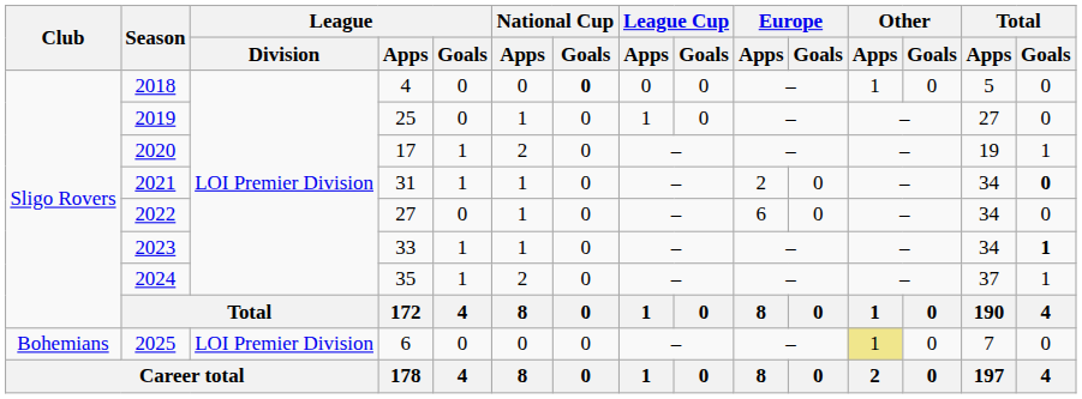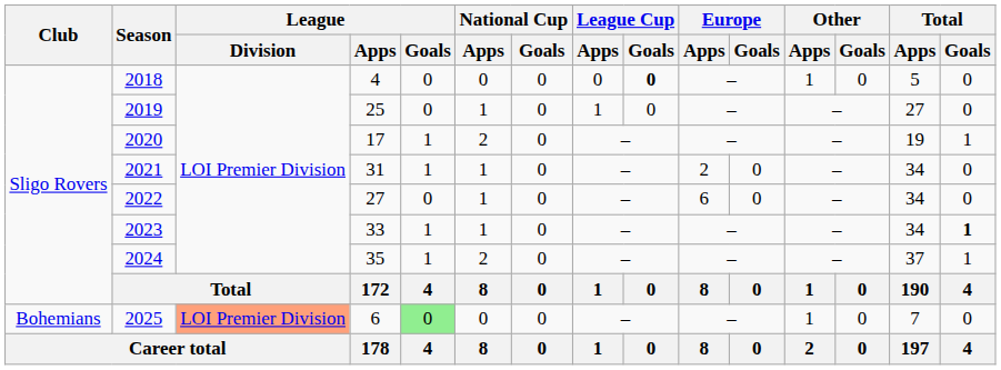 <table class=wikitable style="text-align: center">
 <tr>
 <th rowspan=2>Club</th>
 <th rowspan=2>Season</th>
 <th colspan=3>League</th>
 <th colspan=2>National Cup</th>
 <th colspan=2><a href='#'>League Cup</a></th>
 <th colspan=2><a href='#'>Europe</a></th>
 <th colspan=2>Other</th>
 <th colspan=2>Total</th>
 </tr>
 <tr>
 <th>Division</th>
 <th>Apps</th>
 <th>Goals</th>
 <th>Apps</th>
 <th>Goals</th>
 <th>Apps</th>
 <th>Goals</th>
 <th>Apps</th>
 <th>Goals</th>
 <th>Apps</th>
 <th>Goals</th>
 <th>Apps</th>
 <th>Goals</th>
 </tr>
 <tr>
 <td rowspan="8"><a href='#'>Sligo Rovers</a></td>
 <td><a href='#'>2018</a></td>
 <td rowspan="7"><a href='#'>LOI Premier Division</a></td>
 <td>4</td>
 <td>0</td>
 <td>0</td>
-<td><strong>0</strong></td>
 <td>0</td>
 <td>0</td>
+<td><strong>0</strong></td>
 <td colspan="2">–</td>
 <td>1</td>
 <td>0</td>
 <td>5</td>
 <td>0</td>
 </tr>
 <tr>
 <td><a href='#'>2019</a></td>
 <td>25</td>
 <td>0</td>
 <td>1</td>
 <td>0</td>
 <td>1</td>
 <td>0</td>
 <td colspan="2">–</td>
 <td colspan="2">–</td>
 <td>27</td>
 <td>0</td>
 </tr>
 <tr>
 <td><a href='#'>2020</a></td>
 <td>17</td>
 <td>1</td>
 <td>2</td>
 <td>0</td>
 <td colspan="2">–</td>
 <td colspan="2">–</td>
 <td colspan="2">–</td>
 <td>19</td>
 <td>1</td>
 </tr>
 <tr>
 <td><a href='#'>2021</a></td>
 <td>31</td>
 <td>1</td>
 <td>1</td>
 <td>0</td>
 <td colspan="2">–</td>
 <td>2</td>
 <td>0</td>
 <td colspan="2">–</td>
 <td>34</td>
-<td><strong>0</strong></td>
+<td>0</td>
 </tr>
 <tr>
 <td><a href='#'>2022</a></td>
 <td>27</td>
 <td>0</td>
 <td>1</td>
 <td>0</td>
 <td colspan="2">–</td>
 <td>6</td>
 <td>0</td>
 <td colspan="2">–</td>
 <td>34</td>
 <td>0</td>
 </tr>
 <tr>
 <td><a href='#'>2023</a></td>
 <td>33</td>
 <td>1</td>
 <td>1</td>
 <td>0</td>
 <td colspan="2">–</td>
 <td colspan="2">–</td>
 <td colspan="2">–</td>
 <td>34</td>
 <td><strong>1</strong></td>
 </tr>
 <tr>
 <td><a href='#'>2024</a></td>
 <td>35</td>
 <td>1</td>
 <td>2</td>
 <td>0</td>
 <td colspan="2">–</td>
 <td colspan="2">–</td>
 <td colspan="2">–</td>
 <td>37</td>
 <td>1</td>
 </tr>
 <tr>
 <th colspan="2">Total</th>
 <th>172</th>
 <th>4</th>
 <th>8</th>
 <th>0</th>
 <th>1</th>
 <th>0</th>
 <th>8</th>
 <th>0</th>
 <th>1</th>
 <th>0</th>
 <th>190</th>
 <th>4</th>
 </tr>
 <tr>
 <td><a href='#'>Bohemians</a></td>
 <td><a href='#'>2025</a></td>
-<td><a href='#'>LOI Premier Division</a></td>
+<td style="background: lightsalmon;"><a href='#'>LOI Premier Division</a></td>
 <td>6</td>
-<td>0</td>
+<td style="background: lightgreen;">0</td>
 <td>0</td>
 <td>0</td>
 <td colspan="2">–</td>
 <td colspan="2">–</td>
-<td style="background: khaki;">1</td>
+<td>1</td>
 <td>0</td>
 <td>7</td>
 <td>0</td>
 </tr>
 <tr>
 <th colspan="3">Career total</th>
 <th>178</th>
 <th>4</th>
 <th>8</th>
 <th>0</th>
 <th>1</th>
 <th>0</th>
 <th>8</th>
 <th>0</th>
 <th>2</th>
 <th>0</th>
 <th>197</th>
 <th>4</th>
 </tr>
 </table>
